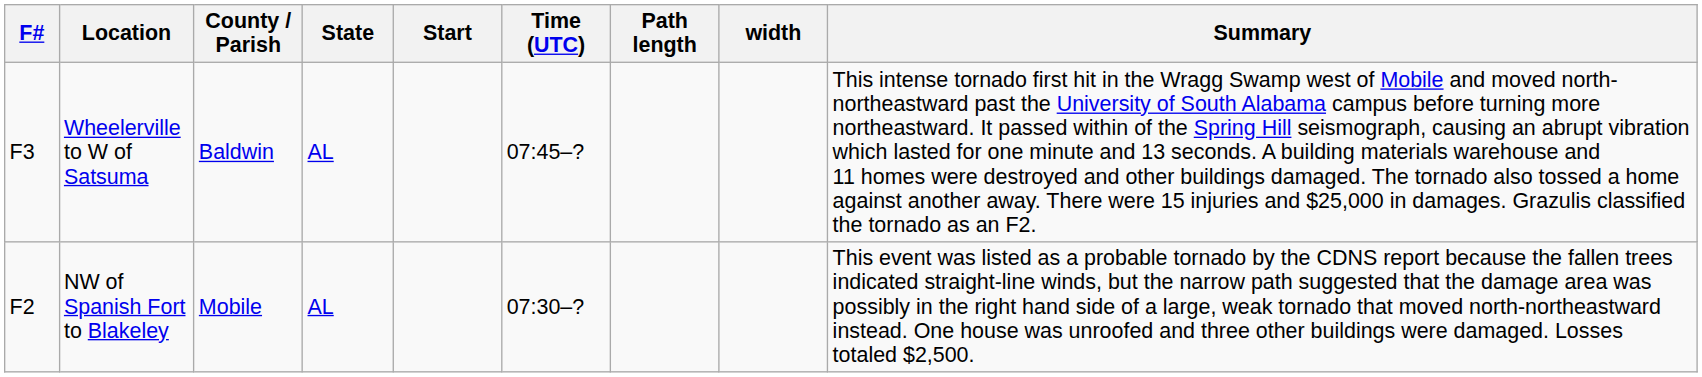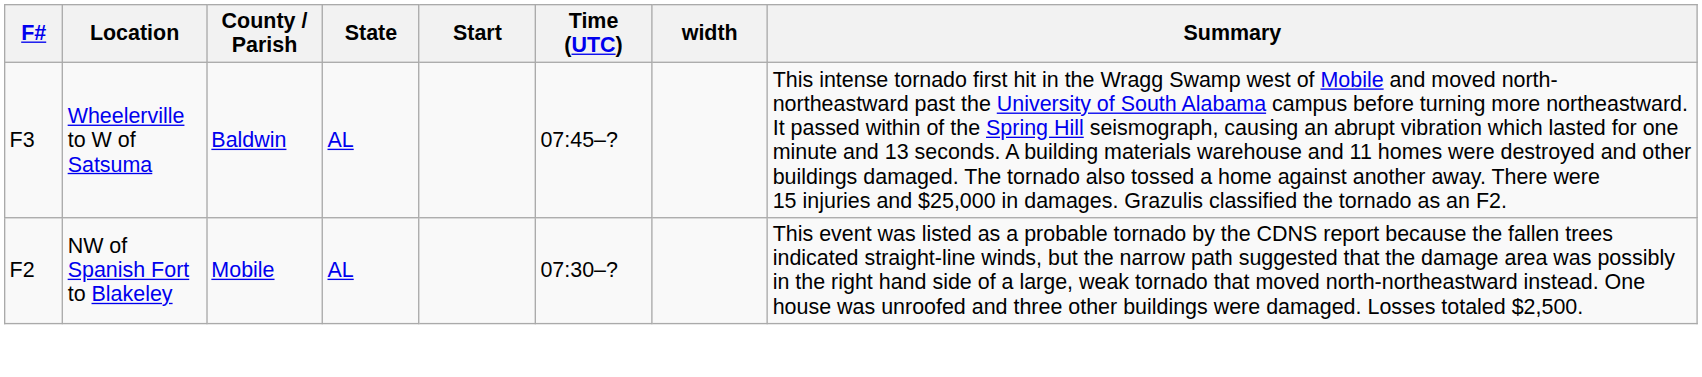 <table class="wikitable sortable" style="width:100%;">
 <tr>
 <th scope="col"  style="width:3%; text-align:center;"><a href='#'>F#</a></th>
 <th scope="col"  style="width:7%; text-align:center;" class="unsortable">Location</th>
 <th scope="col"  style="width:6%; text-align:center;" class="unsortable">County / Parish</th>
 <th scope="col"  style="width:5%; text-align:center;">State</th>
 <th scope="col"  style="width:6%; text-align:center;">Start<br></th>
 <th scope="col"  style="width:6%; text-align:center;">Time (<a href='#'>UTC</a>)</th>
-<th scope="col"  style="width:6%; text-align:center;">Path length</th>
 <th scope="col"  style="width:6%; text-align:center;"> width</th>
 <th scope="col" class="unsortable" style="width:48%; text-align:center;">Summary</th>
 </tr>
 <tr>
 <td>F3</td>
 <td><a href='#'>Wheelerville</a> to W of <a href='#'>Satsuma</a></td>
 <td><a href='#'>Baldwin</a></td>
 <td><a href='#'>AL</a></td>
 <td></td>
 <td>07:45–?</td>
 <td></td>
-<td></td>
 <td>This intense tornado first hit in the Wragg Swamp west of <a href='#'>Mobile</a> and moved north-northeastward past the <a href='#'>University of South Alabama</a> campus before turning more northeastward. It passed within  of the <a href='#'>Spring Hill</a> seismograph, causing an abrupt vibration which lasted for one minute and 13 seconds. A building materials warehouse and 11 homes were destroyed and other buildings damaged. The tornado also tossed a home against another  away. There were 15 injuries and $25,000 in damages. Grazulis classified the tornado as an F2.</td>
 </tr>
 <tr>
 <td>F2</td>
 <td>NW of <a href='#'>Spanish Fort</a> to <a href='#'>Blakeley</a></td>
 <td><a href='#'>Mobile</a></td>
 <td><a href='#'>AL</a></td>
 <td></td>
 <td>07:30–?</td>
 <td></td>
-<td></td>
 <td>This event was listed as a probable tornado by the CDNS report because the fallen trees indicated straight-line winds, but the narrow path suggested that the damage area was possibly in the right hand side of a large, weak tornado that moved north-northeastward instead. One house was unroofed and three other buildings were damaged. Losses totaled $2,500.</td>
 </tr>
 </table>
